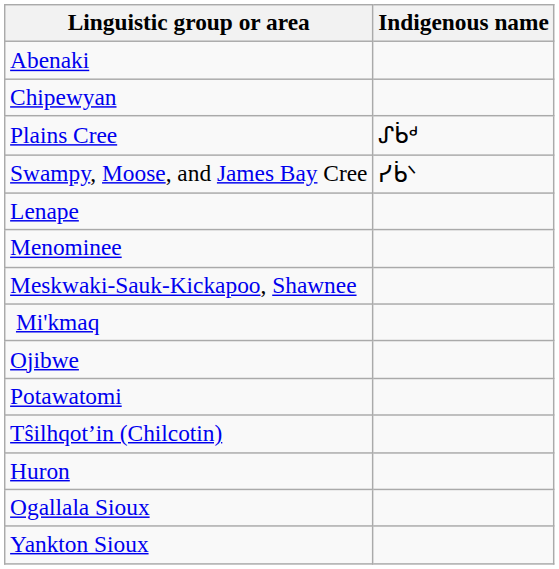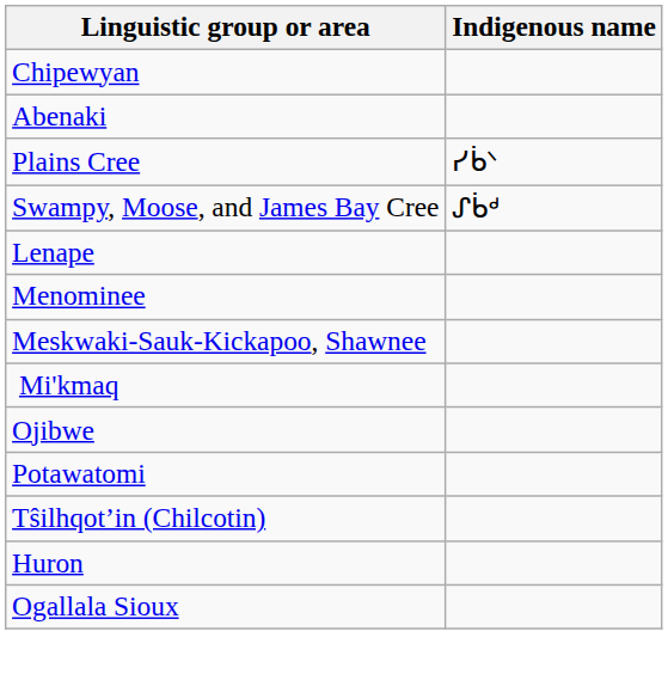 <table class="wikitable">
 <tr>
 <th>Linguistic group or area</th>
 <th>Indigenous name</th>
 </tr>
 <tr>
+<td><a href='#'>Chipewyan</a></td>
+<td></td>
+</tr>
+<tr>
 <td><a href='#'>Abenaki</a></td>
 <td></td>
 </tr>
 <tr>
-<td><a href='#'>Chipewyan</a></td>
-<td></td>
-</tr>
-<tr>
 <td><a href='#'>Plains Cree</a></td>
-<td> ᔑᑳᒄ</td>
+<td> ᓯᑳᐠ</td>
 </tr>
 <tr>
 <td><a href='#'>Swampy</a>, <a href='#'>Moose</a>, and <a href='#'>James Bay</a> Cree</td>
-<td> ᓯᑳᐠ</td>
+<td> ᔑᑳᒄ</td>
 </tr>
 <tr>
 <td><a href='#'>Lenape</a></td>
 <td></td>
 </tr>
 <tr>
 <td><a href='#'>Menominee</a></td>
 <td></td>
 </tr>
 <tr>
 <td><a href='#'>Meskwaki-Sauk-Kickapoo</a>, <a href='#'>Shawnee</a></td>
 <td></td>
 </tr>
 <tr>
 <td>‌ <a href='#'>Mi'kmaq</a></td>
 <td></td>
 </tr>
 <tr>
 <td><a href='#'>Ojibwe</a></td>
 <td></td>
 </tr>
 <tr>
 <td><a href='#'>Potawatomi</a></td>
 <td></td>
 </tr>
 <tr>
 <td><a href='#'>Tŝilhqot’in (Chilcotin)</a></td>
 <td></td>
 </tr>
 <tr>
 <td><a href='#'>Huron</a></td>
 <td></td>
 </tr>
 <tr>
 <td><a href='#'>Ogallala Sioux</a></td>
 <td></td>
 </tr>
-<tr>
-<td><a href='#'>Yankton Sioux</a></td>
-<td></td>
-</tr>
 </table>
